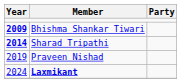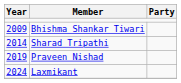 <table class="wikitable">
 <tr>
 <th>Year</th>
 <th>Member</th>
 <th colspan=2>Party</th>
 </tr>
 <tr>
 <td colspan=4></td>
 </tr>
 <tr>
-<td><strong><a href='#'>2009</a></strong></td>
+<td><a href='#'>2009</a></td>
 <td><a href='#'>Bhishma Shankar Tiwari</a></td>
 <td></td>
 </tr>
 <tr>
-<td><strong><a href='#'>2014</a></strong></td>
+<td><a href='#'>2014</a></td>
 <td><a href='#'>Sharad Tripathi</a></td>
 <td></td>
 </tr>
 <tr>
 <td><a href='#'>2019</a></td>
 <td><a href='#'>Praveen Nishad</a></td>
 </tr>
 <tr>
 <td><a href='#'>2024</a></td>
-<td><strong><a href='#'>Laxmikant</a></strong></td>
+<td><a href='#'>Laxmikant</a></td>
 <td></td>
 </tr>
 <tr>
 </tr>
 </table>
